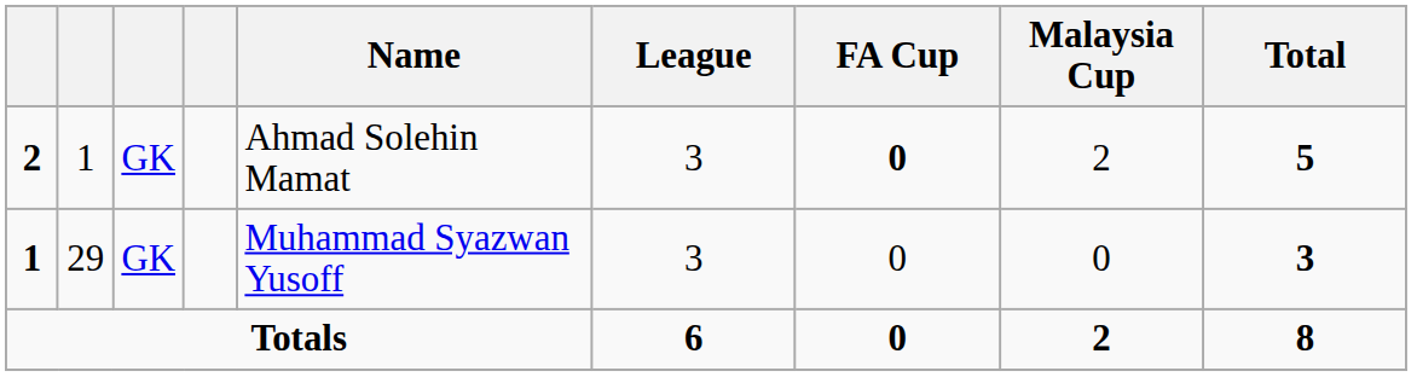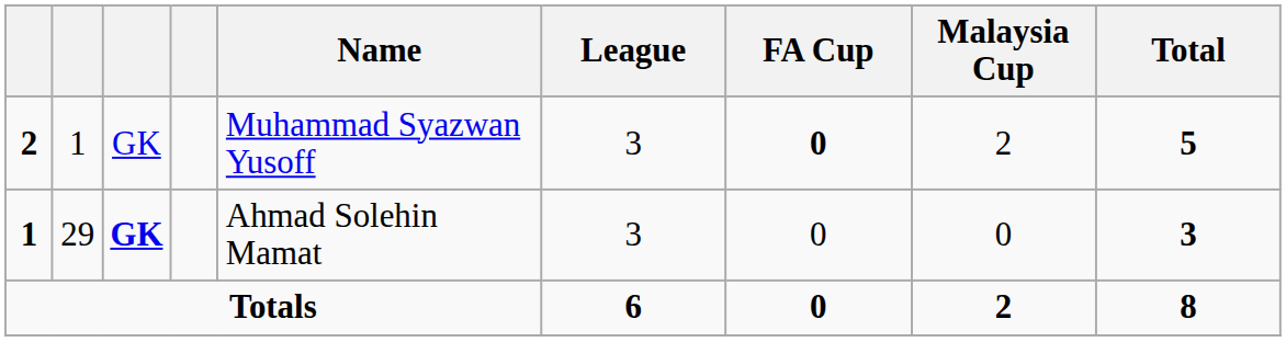 <table class="wikitable" style="text-align:center">
 <tr>
 <th width=15></th>
 <th width=15></th>
 <th width=15></th>
 <th width=15></th>
 <th width=145>Name</th>
 <th width=80>League</th>
 <th width=80>FA Cup</th>
 <th width=80>Malaysia Cup</th>
 <th width=80>Total</th>
 </tr>
 <tr>
 <td><strong>2</strong></td>
 <td>1</td>
 <td><a href='#'>GK</a></td>
 <td></td>
-<td align=left>Ahmad Solehin Mamat</td>
+<td align=left><a href='#'>Muhammad Syazwan Yusoff</a></td>
 <td>3</td>
 <td><strong>0</strong></td>
 <td>2</td>
 <td><strong>5</strong></td>
 </tr>
 <tr>
 <td><strong>1</strong></td>
 <td>29</td>
-<td><a href='#'>GK</a></td>
+<td><strong><a href='#'>GK</a></strong></td>
 <td></td>
-<td align=left><a href='#'>Muhammad Syazwan Yusoff</a></td>
+<td align=left>Ahmad Solehin Mamat</td>
 <td>3</td>
 <td>0</td>
 <td>0</td>
 <td><strong>3</strong></td>
 </tr>
 <tr>
 <td colspan=5><strong>Totals</strong></td>
 <td><strong>6</strong></td>
 <td><strong>0</strong></td>
 <td><strong>2</strong></td>
 <td><strong>8</strong></td>
 </tr>
 <tr>
 </tr>
 </table>
